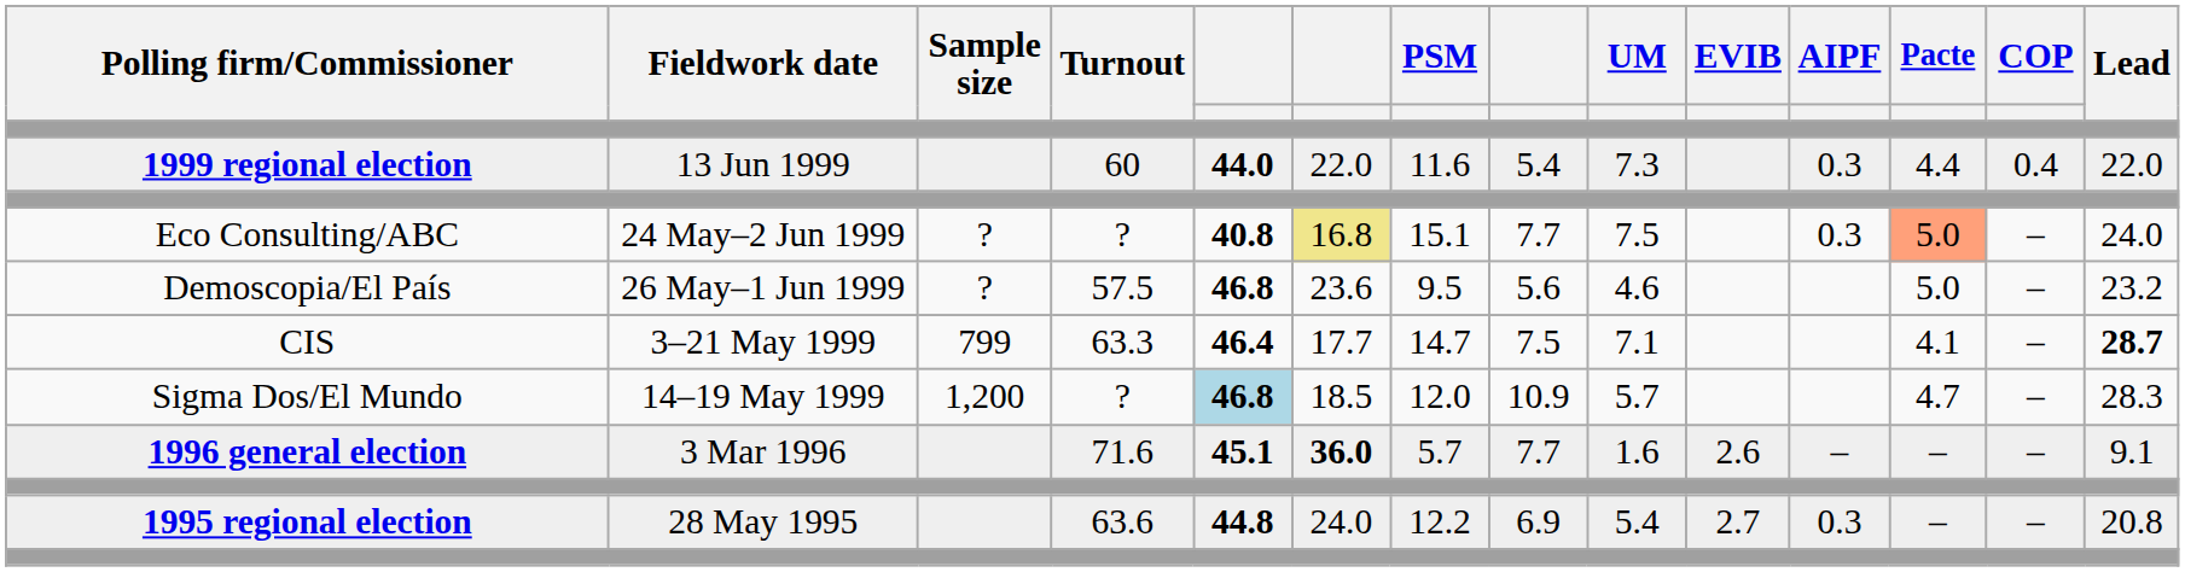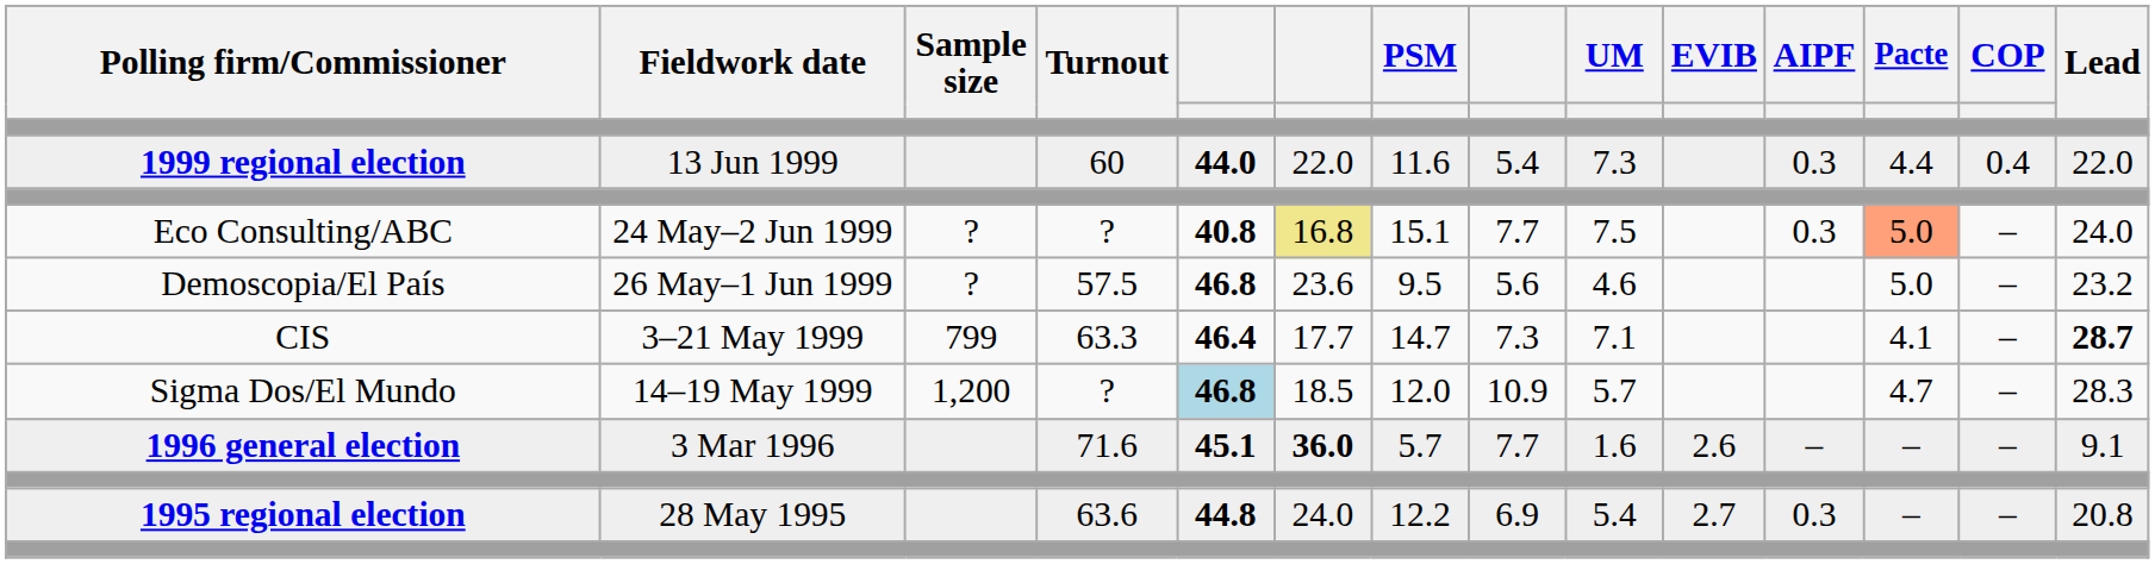 <table class="wikitable collapsible collapsed" style="text-align:center; font-size:95%; line-height:16px;">
 <tr style="height:42px;">
 <th style="width:250px;" rowspan="2">Polling firm/Commissioner</th>
 <th style="width:125px;" rowspan="2">Fieldwork date</th>
 <th style="width:50px;" rowspan="2">Sample size</th>
 <th style="width:45px;" rowspan="2">Turnout</th>
 <th style="width:35px;"></th>
 <th style="width:35px;"></th>
 <th style="width:35px;"><a href='#'>PSM</a></th>
 <th style="width:35px;"></th>
 <th style="width:35px;"><a href='#'>UM</a></th>
 <th style="width:35px;"><a href='#'>EVIB</a></th>
 <th style="width:35px;"><a href='#'>AIPF</a></th>
 <th style="width:35px; font-size:90%;"><a href='#'>Pacte</a></th>
 <th style="width:35px;"><a href='#'>COP</a></th>
 <th style="width:30px;" rowspan="2">Lead</th>
 </tr>
 <tr>
 <th style="color:inherit;background:"></th>
 <th style="color:inherit;background:"></th>
 <th style="color:inherit;background:"></th>
 <th style="color:inherit;background:"></th>
 <th style="color:inherit;background:"></th>
 <th style="color:inherit;background:"></th>
 <th style="color:inherit;background:"></th>
 <th style="color:inherit;background:"></th>
 <th style="color:inherit;background:"></th>
 </tr>
 <tr>
 <td colspan="14" style="background:#A0A0A0"></td>
 </tr>
 <tr style="background:#EFEFEF;">
 <td><strong><a href='#'>1999 regional election</a></strong></td>
 <td>13 Jun 1999</td>
 <td></td>
 <td>60</td>
 <td><strong>44.0</strong><br></td>
 <td>22.0<br></td>
 <td>11.6<br></td>
 <td>5.4<br></td>
 <td>7.3<br></td>
 <td></td>
 <td>0.3<br></td>
 <td>4.4<br></td>
 <td>0.4<br></td>
 <td style="background:">22.0</td>
 </tr>
 <tr>
 <td colspan="14" style="background:#A0A0A0"></td>
 </tr>
 <tr>
 <td>Eco Consulting/ABC</td>
 <td>24 May–2 Jun 1999</td>
 <td>?</td>
 <td>?</td>
 <td><strong>40.8</strong><br></td>
 <td style="background: khaki;">16.8<br></td>
 <td>15.1<br></td>
 <td>7.7<br></td>
 <td>7.5<br></td>
 <td></td>
 <td>0.3<br></td>
 <td style="background: lightsalmon;">5.0<br></td>
 <td>–</td>
 <td style="background:">24.0</td>
 </tr>
 <tr>
 <td>Demoscopia/El País</td>
 <td>26 May–1 Jun 1999</td>
 <td>?</td>
 <td>57.5</td>
 <td><strong>46.8</strong><br></td>
 <td>23.6<br></td>
 <td>9.5<br></td>
 <td>5.6<br></td>
 <td>4.6<br></td>
 <td></td>
 <td></td>
 <td>5.0<br></td>
 <td>–</td>
 <td style="background:">23.2</td>
 </tr>
 <tr>
 <td>CIS</td>
 <td>3–21 May 1999</td>
 <td>799</td>
 <td>63.3</td>
 <td><strong>46.4</strong><br></td>
 <td>17.7<br></td>
 <td>14.7<br></td>
-<td>7.5<br></td>
+<td>7.3<br></td>
 <td>7.1<br></td>
 <td></td>
 <td></td>
 <td>4.1<br></td>
 <td>–</td>
 <td style="background:"><strong>28.7</strong></td>
 </tr>
 <tr>
 <td>Sigma Dos/El Mundo</td>
 <td>14–19 May 1999</td>
 <td>1,200</td>
 <td>?</td>
 <td style="background: lightblue;"><strong>46.8</strong><br></td>
 <td>18.5<br></td>
 <td>12.0<br></td>
 <td>10.9<br></td>
 <td>5.7<br></td>
 <td></td>
 <td></td>
 <td>4.7<br></td>
 <td>–</td>
 <td style="background:">28.3</td>
 </tr>
 <tr style="background:#EFEFEF;">
 <td><strong><a href='#'>1996 general election</a></strong></td>
 <td>3 Mar 1996</td>
 <td></td>
 <td>71.6</td>
 <td><strong>45.1</strong></td>
 <td><strong>36.0</strong></td>
 <td>5.7</td>
 <td>7.7</td>
 <td>1.6</td>
 <td>2.6</td>
 <td>–</td>
 <td>–</td>
 <td>–</td>
 <td style="background:">9.1</td>
 </tr>
 <tr>
 <td colspan="14" style="background:#A0A0A0"></td>
 </tr>
 <tr style="background:#EFEFEF;">
 <td><strong><a href='#'>1995 regional election</a></strong></td>
 <td>28 May 1995</td>
 <td></td>
 <td>63.6</td>
 <td><strong>44.8</strong><br></td>
 <td>24.0<br></td>
 <td>12.2<br></td>
 <td>6.9<br></td>
 <td>5.4<br></td>
 <td>2.7<br></td>
 <td>0.3<br></td>
 <td>–</td>
 <td>–</td>
 <td style="background:">20.8</td>
 </tr>
 <tr>
 <td colspan="14" style="background:#A0A0A0"></td>
 </tr>
 </table>
